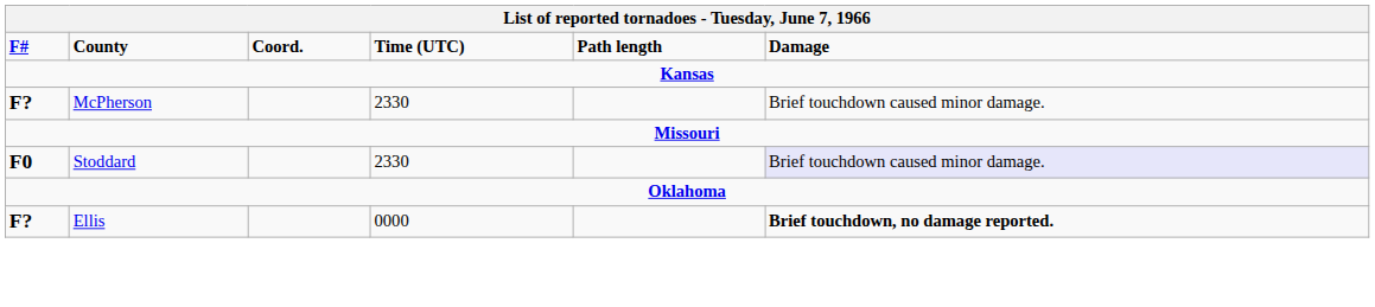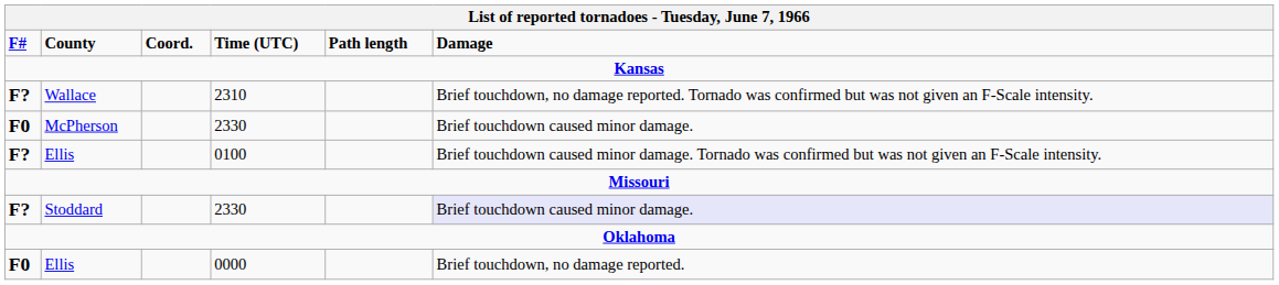 <table class="wikitable collapsible" style="width:100%;">
 <tr>
 <th colspan="6">List of reported tornadoes - Tuesday, June 7, 1966</th>
 </tr>
 <tr>
 <td><strong><a href='#'>F#</a></strong></td>
 <td><strong>County</strong></td>
 <td><strong>Coord.</strong></td>
 <td><strong>Time (UTC)</strong></td>
 <td><strong>Path length</strong></td>
 <td><strong>Damage</strong></td>
 </tr>
 <tr>
 <td colspan="6" style="text-align:center;"><strong><a href='#'>Kansas</a></strong></td>
 </tr>
 <tr>
 <td><big><strong>F?</strong></big></td>
+<td><a href='#'>Wallace</a></td>
+<td></td>
+<td>2310</td>
+<td></td>
+<td>Brief touchdown, no damage reported. Tornado was confirmed but was not given an F-Scale intensity.</td>
+</tr>
+<tr>
+<td><big><strong>F0</strong></big></td>
 <td><a href='#'>McPherson</a></td>
 <td></td>
 <td>2330</td>
 <td></td>
 <td>Brief touchdown caused minor damage.</td>
 </tr>
 <tr>
+<td><big><strong>F?</strong></big></td>
+<td><a href='#'>Ellis</a></td>
+<td></td>
+<td>0100</td>
+<td></td>
+<td>Brief touchdown caused minor damage. Tornado was confirmed but was not given an F-Scale intensity.</td>
+</tr>
+<tr>
 <td colspan="6" style="text-align:center;"><strong><a href='#'>Missouri</a></strong></td>
 </tr>
 <tr>
-<td><big><strong>F0</strong></big></td>
+<td><big><strong>F?</strong></big></td>
 <td><a href='#'>Stoddard</a></td>
 <td></td>
 <td>2330</td>
 <td></td>
 <td style="background: lavender;">Brief touchdown caused minor damage.</td>
 </tr>
 <tr>
 <td colspan="6" style="text-align:center;"><strong><a href='#'>Oklahoma</a></strong></td>
 </tr>
 <tr>
-<td><big><strong>F?</strong></big></td>
+<td><big><strong>F0</strong></big></td>
 <td><a href='#'>Ellis</a></td>
 <td></td>
 <td>0000</td>
 <td></td>
-<td><strong>Brief touchdown, no damage reported.</strong></td>
+<td>Brief touchdown, no damage reported.</td>
 </tr>
 </table>
